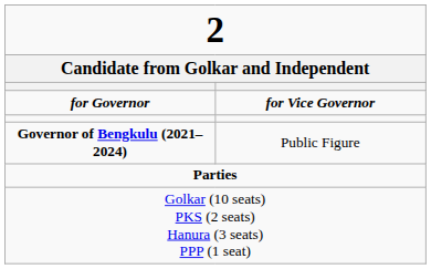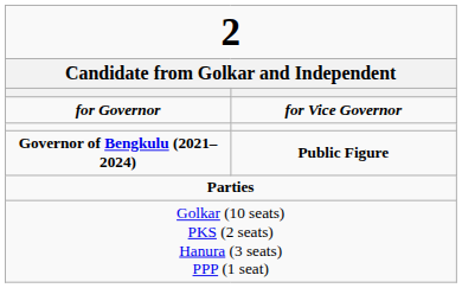 <table class="wikitable" style="font-size:90%; text-align:center;">
 <tr>
 <td colspan=2><big><big><big><big><big><strong>2</strong></big></big></big></big></big></td>
 </tr>
 <tr>
 <th colspan=2><strong><big>Candidate from Golkar and Independent</big></strong></th>
 </tr>
 <tr>
 <th style="width:3em; font-size:135%; background:#"><a href='#'></a></th>
 <th style="width:3em; font-size:135%; background:#"></th>
 </tr>
 <tr style="color:#000; font-size:100%; background:#">
 <td style="width:3em; width:200px;"><strong><em>for Governor</em></strong></td>
 <td style="width:3em; width:200px;"><strong><em>for Vice Governor</em></strong></td>
 </tr>
 <tr>
 <td></td>
 <td></td>
 </tr>
 <tr>
 <td><strong>Governor of <a href='#'>Bengkulu</a> (2021–2024)</strong></td>
-<td>Public Figure</td>
+<td><strong>Public Figure</strong></td>
 </tr>
 <tr>
 <td colspan=2 style="background:#"><strong>Parties</strong></td>
 </tr>
 <tr>
 <td colspan=2> <a href='#'>Golkar</a> (10 seats)<br><a href='#'>PKS</a> (2 seats)<br><a href='#'>Hanura</a> (3 seats)<br><a href='#'>PPP</a> (1 seat)</td>
 </tr>
 </table>
